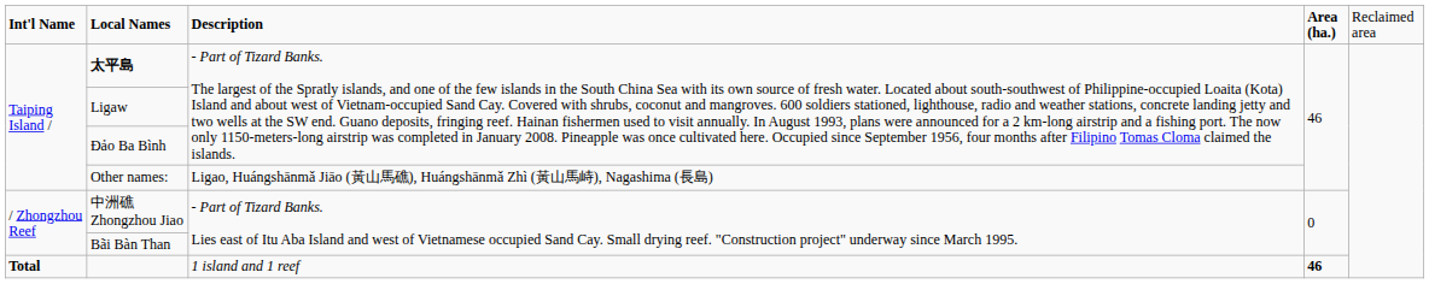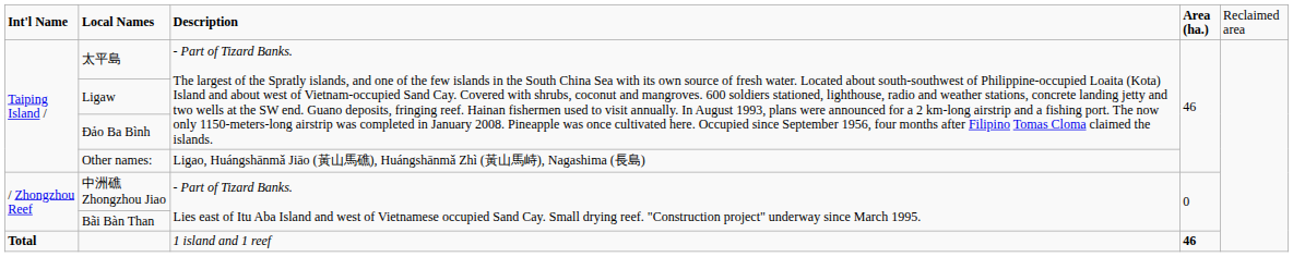 <table class="wikitable">
 <tr>
 <td><strong>Int'l Name</strong></td>
 <td><strong>Local Names</strong></td>
 <td><strong>Description</strong></td>
 <td><strong>Area (ha.)</strong></td>
 <td>Reclaimed area</td>
 </tr>
 <tr>
 <td rowspan=4><a href='#'>Taiping Island</a> / </td>
-<td><strong> 太平島 </strong></td>
+<td> 太平島 </td>
 <td rowspan=3> - <em>Part of Tizard Banks.</em><br><br>The largest of the Spratly islands, and one of the few islands in the South China Sea with its own source of fresh water. Located about  south-southwest of Philippine-occupied Loaita (Kota) Island and about  west of Vietnam-occupied Sand Cay. Covered with shrubs, coconut and mangroves. 600 soldiers stationed, lighthouse, radio and weather stations, concrete landing jetty and two wells at the SW end. Guano deposits, fringing reef. Hainan fishermen used to visit annually. In August 1993, plans were announced for a 2 km-long airstrip and a fishing port. The now only 1150-meters-long airstrip was completed in January 2008. Pineapple was once cultivated here. Occupied since September 1956, four months after <a href='#'>Filipino</a> <a href='#'>Tomas Cloma</a> claimed the islands.</td>
 <td rowspan=4>46</td>
 </tr>
 <tr>
 <td> Ligaw</td>
 </tr>
 <tr>
 <td> Đảo Ba Bình</td>
 </tr>
 <tr>
 <td>Other names:</td>
 <td>Ligao, Huángshānmǎ Jiāo (黃山馬礁), Huángshānmǎ Zhì (黃山馬峙), Nagashima (長島)</td>
 </tr>
 <tr>
 <td rowspan="2"> / <a href='#'>Zhongzhou Reef</a></td>
 <td> 中洲礁 Zhongzhou Jiao</td>
 <td rowspan="2"> - <em>Part of Tizard Banks.</em><br><br>Lies  east of Itu Aba Island and  west of Vietnamese occupied Sand Cay. Small drying reef.  "Construction project" underway since March 1995.</td>
 <td rowspan="2">0</td>
 </tr>
 <tr>
 <td nowrap> Bãi Bàn Than</td>
 </tr>
 <tr>
 <td><strong>Total</strong></td>
 <td></td>
 <td><em>1 island and 1 reef</em></td>
 <td><strong>46</strong></td>
 </tr>
 </table>
